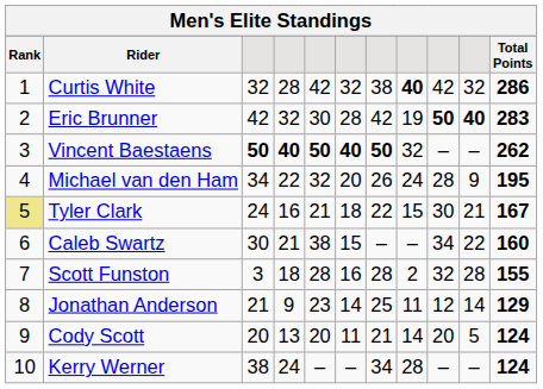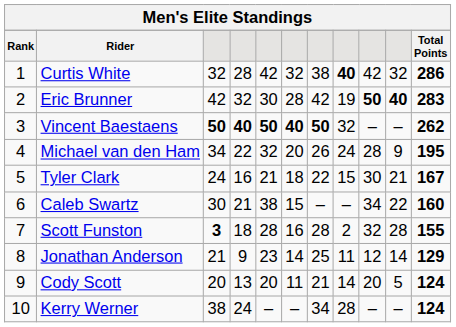 <table class="wikitable sortable">
 <tr>
 <th colspan=27 align="center">Men's Elite Standings</th>
 </tr>
 <tr>
 </tr>
 <tr style="font-size:8pt;font-weight:bold">
 <th align="center">Rank</th>
 <th align="center">Rider</th>
 <th class=unsortable style="background:#E5E4E2;"><small></small></th>
 <th class=unsortable style="background:#E5E4E2;"><small></small></th>
 <th class=unsortable style="background:#E5E4E2;"><small></small></th>
 <th class=unsortable style="background:#E5E4E2;"><small></small></th>
 <th class=unsortable style="background:#E5E4E2;"><small></small></th>
 <th class=unsortable style="background:#E5E4E2;"><small></small></th>
 <th class=unsortable style="background:#E5E4E2;"><small></small></th>
 <th class=unsortable style="background:#E5E4E2;"><small></small></th>
 <th align="center">Total<br>Points</th>
 </tr>
 <tr>
 <td align=center>1</td>
 <td> <a href='#'>Curtis White</a></td>
 <td align=center>32</td>
 <td align=center>28</td>
 <td align=center>42</td>
 <td align=center>32</td>
 <td align=center>38</td>
 <td align=center><strong>40</strong></td>
 <td align=center>42</td>
 <td align=center>32</td>
 <td align=center><strong>286</strong></td>
 </tr>
 <tr>
 <td align=center>2</td>
 <td> <a href='#'>Eric Brunner</a></td>
 <td align=center>42</td>
 <td align=center>32</td>
 <td align=center>30</td>
 <td align=center>28</td>
 <td align=center>42</td>
 <td align=center>19</td>
 <td align=center><strong>50</strong></td>
 <td align=center><strong>40</strong></td>
 <td align=center><strong>283</strong></td>
 </tr>
 <tr>
 <td align=center>3</td>
 <td> <a href='#'>Vincent Baestaens</a></td>
 <td align=center><strong>50</strong></td>
 <td align=center><strong>40</strong></td>
 <td align=center><strong>50</strong></td>
 <td align=center><strong>40</strong></td>
 <td align=center><strong>50</strong></td>
 <td align=center>32</td>
 <td align=center>–</td>
 <td align=center>–</td>
 <td align=center><strong>262</strong></td>
 </tr>
 <tr>
 <td align=center>4</td>
 <td> <a href='#'>Michael van den Ham</a></td>
 <td align=center>34</td>
 <td align=center>22</td>
 <td align=center>32</td>
 <td align=center>20</td>
 <td align=center>26</td>
 <td align=center>24</td>
 <td align=center>28</td>
 <td align=center>9</td>
 <td align=center><strong>195</strong></td>
 </tr>
 <tr>
-<td align=center style="background: khaki;">5</td>
+<td align=center>5</td>
 <td> <a href='#'>Tyler Clark</a></td>
 <td align=center>24</td>
 <td align=center>16</td>
 <td align=center>21</td>
 <td align=center>18</td>
 <td align=center>22</td>
 <td align=center>15</td>
 <td align=center>30</td>
 <td align=center>21</td>
 <td align=center><strong>167</strong></td>
 </tr>
 <tr>
 <td align=center>6</td>
 <td> <a href='#'>Caleb Swartz</a></td>
 <td align=center>30</td>
 <td align=center>21</td>
 <td align=center>38</td>
 <td align=center>15</td>
 <td align=center>–</td>
 <td align=center>–</td>
 <td align=center>34</td>
 <td align=center>22</td>
 <td align=center><strong>160</strong></td>
 </tr>
 <tr>
 <td align=center>7</td>
 <td> <a href='#'>Scott Funston</a></td>
-<td align=center>3</td>
+<td align=center><strong>3</strong></td>
 <td align=center>18</td>
 <td align=center>28</td>
 <td align=center>16</td>
 <td align=center>28</td>
 <td align=center>2</td>
 <td align=center>32</td>
 <td align=center>28</td>
 <td align=center><strong>155</strong></td>
 </tr>
 <tr>
 <td align=center>8</td>
 <td> <a href='#'>Jonathan Anderson</a></td>
 <td align=center>21</td>
 <td align=center>9</td>
 <td align=center>23</td>
 <td align=center>14</td>
 <td align=center>25</td>
 <td align=center>11</td>
 <td align=center>12</td>
 <td align=center>14</td>
 <td align=center><strong>129</strong></td>
 </tr>
 <tr>
 <td align=center>9</td>
 <td> <a href='#'>Cody Scott</a></td>
 <td align=center>20</td>
 <td align=center>13</td>
 <td align=center>20</td>
 <td align=center>11</td>
 <td align=center>21</td>
 <td align=center>14</td>
 <td align=center>20</td>
 <td align=center>5</td>
 <td align=center><strong>124</strong></td>
 </tr>
 <tr>
 <td align=center>10</td>
 <td> <a href='#'>Kerry Werner</a></td>
 <td align=center>38</td>
 <td align=center>24</td>
 <td align=center>–</td>
 <td align=center>–</td>
 <td align=center>34</td>
 <td align=center>28</td>
 <td align=center>–</td>
 <td align=center>–</td>
 <td align=center><strong>124</strong></td>
 </tr>
 </table>
